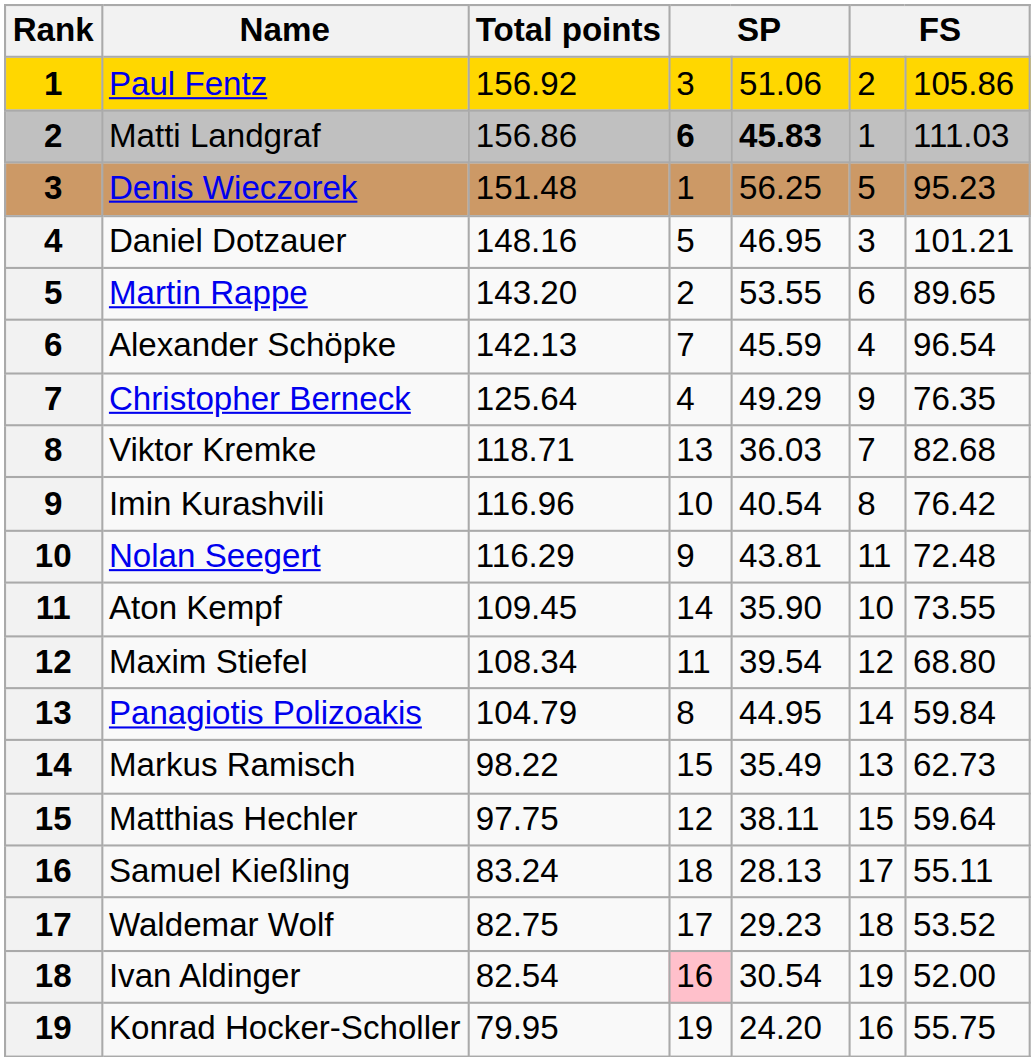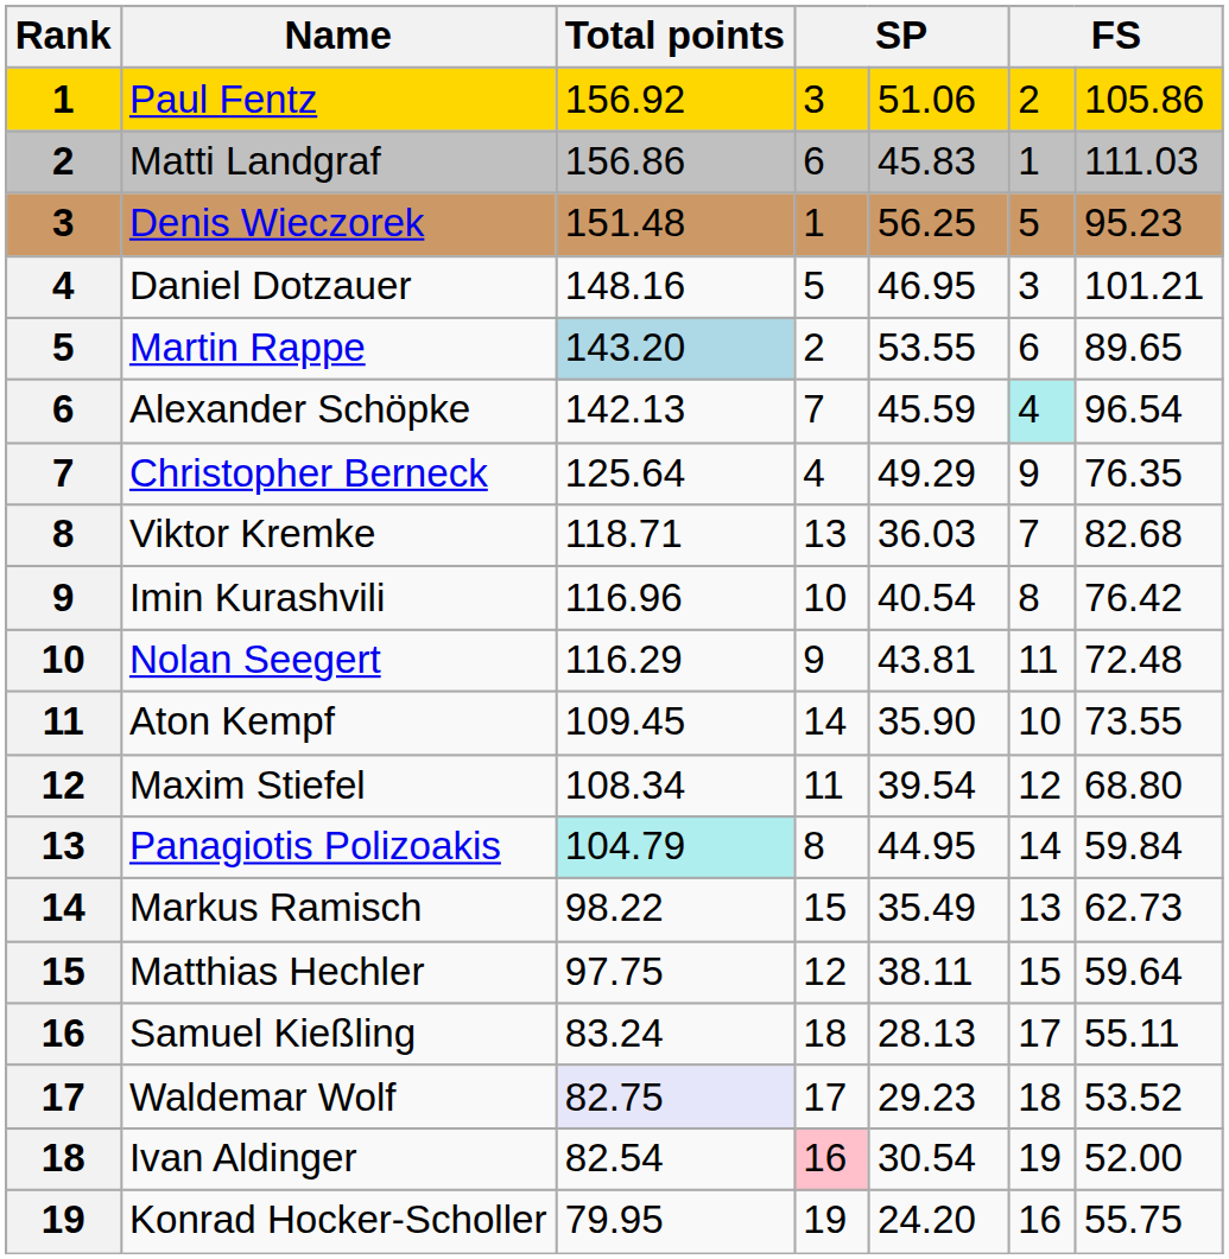 <table class="wikitable">
 <tr>
 <th>Rank</th>
 <th>Name</th>
 <th>Total points</th>
 <th colspan="2" width="80px">SP</th>
 <th colspan="2" width="80px">FS</th>
 </tr>
 <tr bgcolor="gold">
 <td align="center"><strong>1</strong></td>
 <td><a href='#'>Paul Fentz</a></td>
 <td>156.92</td>
 <td>3</td>
 <td>51.06</td>
 <td>2</td>
 <td>105.86</td>
 </tr>
 <tr bgcolor="silver">
 <td align="center"><strong>2</strong></td>
 <td>Matti Landgraf</td>
 <td>156.86</td>
-<td><strong>6</strong></td>
-<td><strong>45.83</strong></td>
+<td>6</td>
+<td>45.83</td>
 <td>1</td>
 <td>111.03</td>
 </tr>
 <tr bgcolor="cc9966">
 <td align="center"><strong>3</strong></td>
 <td><a href='#'>Denis Wieczorek</a></td>
 <td>151.48</td>
 <td>1</td>
 <td>56.25</td>
 <td>5</td>
 <td>95.23</td>
 </tr>
 <tr>
 <th>4</th>
 <td>Daniel Dotzauer</td>
 <td>148.16</td>
 <td>5</td>
 <td>46.95</td>
 <td>3</td>
 <td>101.21</td>
 </tr>
 <tr>
 <th>5</th>
 <td><a href='#'>Martin Rappe</a></td>
-<td>143.20</td>
+<td style="background: lightblue;">143.20</td>
 <td>2</td>
 <td>53.55</td>
 <td>6</td>
 <td>89.65</td>
 </tr>
 <tr>
 <th>6</th>
 <td>Alexander Schöpke</td>
 <td>142.13</td>
 <td>7</td>
 <td>45.59</td>
-<td>4</td>
+<td style="background: paleturquoise;">4</td>
 <td>96.54</td>
 </tr>
 <tr>
 <th>7</th>
 <td><a href='#'>Christopher Berneck</a></td>
 <td>125.64</td>
 <td>4</td>
 <td>49.29</td>
 <td>9</td>
 <td>76.35</td>
 </tr>
 <tr>
 <th>8</th>
 <td>Viktor Kremke</td>
 <td>118.71</td>
 <td>13</td>
 <td>36.03</td>
 <td>7</td>
 <td>82.68</td>
 </tr>
 <tr>
 <th>9</th>
 <td>Imin Kurashvili</td>
 <td>116.96</td>
 <td>10</td>
 <td>40.54</td>
 <td>8</td>
 <td>76.42</td>
 </tr>
 <tr>
 <th>10</th>
 <td><a href='#'>Nolan Seegert</a></td>
 <td>116.29</td>
 <td>9</td>
 <td>43.81</td>
 <td>11</td>
 <td>72.48</td>
 </tr>
 <tr>
 <th>11</th>
 <td>Aton Kempf</td>
 <td>109.45</td>
 <td>14</td>
 <td>35.90</td>
 <td>10</td>
 <td>73.55</td>
 </tr>
 <tr>
 <th>12</th>
 <td>Maxim Stiefel</td>
 <td>108.34</td>
 <td>11</td>
 <td>39.54</td>
 <td>12</td>
 <td>68.80</td>
 </tr>
 <tr>
 <th>13</th>
 <td><a href='#'>Panagiotis Polizoakis</a></td>
-<td>104.79</td>
+<td style="background: paleturquoise;">104.79</td>
 <td>8</td>
 <td>44.95</td>
 <td>14</td>
 <td>59.84</td>
 </tr>
 <tr>
 <th>14</th>
 <td>Markus Ramisch</td>
 <td>98.22</td>
 <td>15</td>
 <td>35.49</td>
 <td>13</td>
 <td>62.73</td>
 </tr>
 <tr>
 <th>15</th>
 <td>Matthias Hechler</td>
 <td>97.75</td>
 <td>12</td>
 <td>38.11</td>
 <td>15</td>
 <td>59.64</td>
 </tr>
 <tr>
 <th>16</th>
 <td>Samuel Kießling</td>
 <td>83.24</td>
 <td>18</td>
 <td>28.13</td>
 <td>17</td>
 <td>55.11</td>
 </tr>
 <tr>
 <th>17</th>
 <td>Waldemar Wolf</td>
-<td>82.75</td>
+<td style="background: lavender;">82.75</td>
 <td>17</td>
 <td>29.23</td>
 <td>18</td>
 <td>53.52</td>
 </tr>
 <tr>
 <th>18</th>
 <td>Ivan Aldinger</td>
 <td>82.54</td>
 <td style="background: pink;">16</td>
 <td>30.54</td>
 <td>19</td>
 <td>52.00</td>
 </tr>
 <tr>
 <th>19</th>
 <td>Konrad Hocker-Scholler</td>
 <td>79.95</td>
 <td>19</td>
 <td>24.20</td>
 <td>16</td>
 <td>55.75</td>
 </tr>
 </table>
